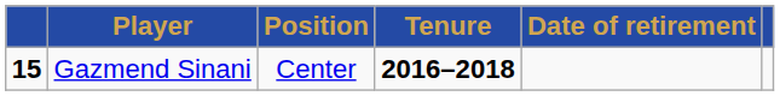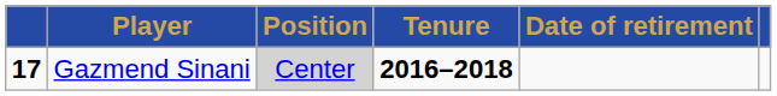 <table class="wikitable" style="text-align:center;">
 <tr>
 <th style="background:#244AA5; color:#D0A650"></th>
 <th style="background:#244AA5; color:#D0A650">Player</th>
 <th style="background:#244AA5; color:#D0A650">Position</th>
 <th style="background:#244AA5; color:#D0A650">Tenure</th>
 <th style="background:#244AA5; color:#D0A650">Date of retirement</th>
 <th style="background:#244AA5; color:#D0A650"></th>
 </tr>
 <tr>
-<td><strong>15</strong></td>
+<td><strong>17</strong></td>
 <td><a href='#'>Gazmend Sinani</a></td>
-<td><a href='#'>Center</a></td>
+<td style="background: lightgrey;"><a href='#'>Center</a></td>
 <td><strong>2016–2018</strong></td>
 <td></td>
 <td></td>
 </tr>
 </table>
